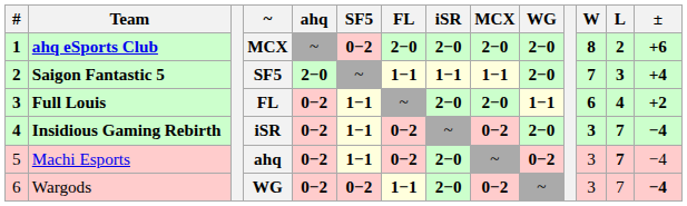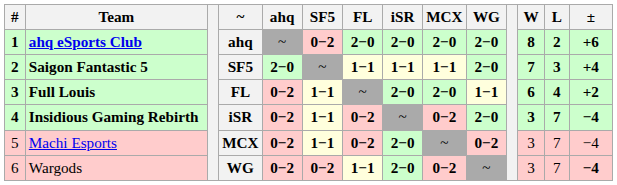 <table class="wikitable" style="font-size: 95%; text-align: center">
 <tr>
 <th width="15">#</th>
 <th style="width:200px;">Team</th>
 <th rowspan="10" style="width:5px;;"></th>
 <th>~</th>
 <th style="width:35px;" title="">ahq</th>
 <th style="width:35px;" title="">SF5</th>
 <th style="width:35px;" title="">FL</th>
 <th style="width:35px;" title="">iSR</th>
 <th style="width:35px;" title="">MCX</th>
 <th style="width:35px;" title="">WG</th>
 <th rowspan="10" style="width:5px;;"></th>
 <th style="width:20px;" title="Wins">W</th>
 <th style="width:20px;" title="Losses">L</th>
 <th style="width:40px;">±</th>
 </tr>
 <tr style="background:#cfc;">
 <td><strong>1</strong></td>
 <td style="text-align: left"> <strong><a href='#'>ahq eSports Club</a></strong></td>
-<th>MCX</th>
+<th>ahq</th>
 <td style="background-color:#aaaaaa">~</td>
 <td style="background-color:#ffcccc"><strong>0−2</strong></td>
 <td style="background-color:#ccffcc"><strong>2−0</strong></td>
 <td style="background-color:#ccffcc"><strong>2−0</strong></td>
 <td style="background-color:#ccffcc"><strong>2−0</strong></td>
 <td style="background-color:#ccffcc"><strong>2−0</strong></td>
 <td><strong>8</strong></td>
 <td><strong>2</strong></td>
 <td><strong>+6</strong></td>
 </tr>
 <tr style="background:#cfc;">
 <td><strong>2</strong></td>
 <td style="text-align: left"> <strong>Saigon Fantastic 5</strong></td>
 <th>SF5</th>
 <td style="background-color:#ccffcc"><strong>2−0</strong></td>
 <td style="background-color:#aaaaaa">~</td>
 <td style="background-color:#ffd;"><strong>1−1</strong></td>
 <td style="background-color:#ffd;"><strong>1−1</strong></td>
 <td style="background-color:#ffd;"><strong>1−1</strong></td>
 <td style="background-color:#ccffcc"><strong>2−0</strong></td>
 <td><strong>7</strong></td>
 <td><strong>3</strong></td>
 <td><strong>+4</strong></td>
 </tr>
 <tr style="background:#cfc;">
 <td><strong>3</strong></td>
 <td style="text-align: left"> <strong>⁠Full Louis</strong></td>
 <th>FL</th>
 <td style="background-color:#ffcccc"><strong>0−2</strong></td>
 <td style="background-color:#ffd;"><strong>1−1</strong></td>
 <td style="background-color:#aaaaaa">~</td>
 <td style="background-color:#ccffcc"><strong>2−0</strong></td>
 <td style="background-color:#ccffcc"><strong>2−0</strong></td>
 <td style="background-color:#ffd;"><strong>1−1</strong></td>
 <td><strong>6</strong></td>
 <td><strong>4</strong></td>
 <td><strong>+2</strong></td>
 </tr>
 <tr style="background:#cfc;">
 <td><strong>4</strong></td>
 <td style="text-align: left"> <strong>⁠⁠Insidious Gaming Rebirth</strong></td>
 <th>iSR</th>
 <td style="background-color:#ffcccc"><strong>0−2</strong></td>
 <td style="background-color:#ffd;"><strong>1−1</strong></td>
 <td style="background-color:#ffcccc"><strong>0−2</strong></td>
 <td style="background-color:#aaaaaa">~</td>
 <td style="background-color:#ffcccc"><strong>0−2</strong></td>
 <td style="background-color:#ccffcc"><strong>2−0</strong></td>
 <td><strong>3</strong></td>
 <td><strong>7</strong></td>
 <td><strong>−4</strong></td>
 </tr>
 <tr style="background-color:#ffcccc">
 <td>5</td>
 <td style="text-align: left"> <a href='#'>Machi Esports</a></td>
-<th>ahq</th>
+<th>MCX</th>
 <td style="background-color:#ffcccc"><strong>0−2</strong></td>
 <td style="background-color:#ffd;"><strong>1−1</strong></td>
 <td style="background-color:#ffcccc"><strong>0−2</strong></td>
 <td style="background-color:#ccffcc"><strong>2−0</strong></td>
 <td style="background-color:#aaaaaa">~</td>
 <td style="background-color:#ffcccc"><strong>0−2</strong></td>
 <td>3</td>
-<td><strong>7</strong></td>
+<td>7</td>
 <td>−4</td>
 </tr>
 <tr style="background-color:#ffcccc">
 <td>6</td>
 <td style="text-align: left"> ⁠Wargods</td>
 <th>WG</th>
 <td style="background-color:#ffcccc"><strong>0−2</strong></td>
 <td style="background-color:#ffcccc"><strong>0−2</strong></td>
 <td style="background-color:#ffd;"><strong>1−1</strong></td>
 <td style="background-color:#ccffcc"><strong>2−0</strong></td>
 <td style="background-color:#ffcccc"><strong>0−2</strong></td>
 <td style="background-color:#aaaaaa">~</td>
 <td>3</td>
 <td>7</td>
 <td><strong>−4</strong></td>
 </tr>
 <tr>
 </tr>
 </table>
